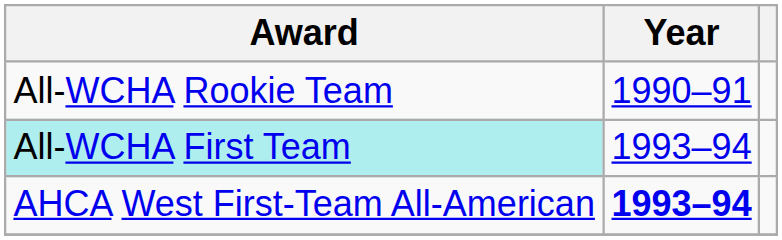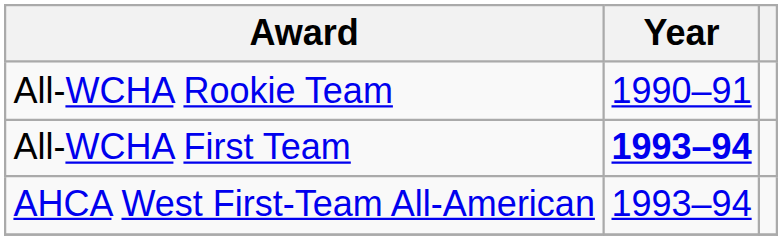 <table class="wikitable">
 <tr>
 <th>Award</th>
 <th>Year</th>
 <th></th>
 </tr>
 <tr>
 <td>All-<a href='#'>WCHA</a> <a href='#'>Rookie Team</a></td>
 <td><a href='#'>1990–91</a></td>
 <td></td>
 </tr>
 <tr>
-<td style="background: paleturquoise;">All-<a href='#'>WCHA</a> <a href='#'>First Team</a></td>
-<td><a href='#'>1993–94</a></td>
+<td>All-<a href='#'>WCHA</a> <a href='#'>First Team</a></td>
+<td><strong><a href='#'>1993–94</a></strong></td>
 <td></td>
 </tr>
 <tr>
 <td><a href='#'>AHCA</a> <a href='#'>West First-Team All-American</a></td>
-<td><strong><a href='#'>1993–94</a></strong></td>
+<td><a href='#'>1993–94</a></td>
 <td></td>
 </tr>
 <tr>
 </tr>
 </table>
